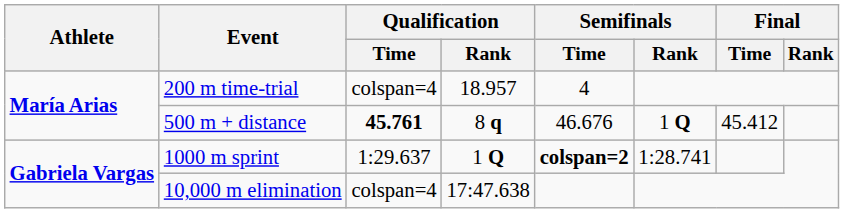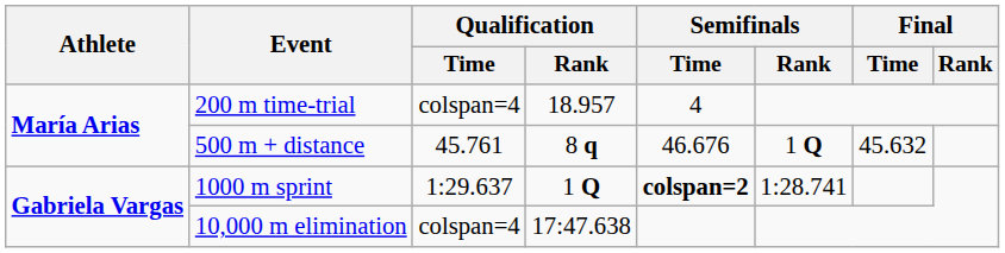 <table class=wikitable style=font-size:90%;text-align:center>
 <tr>
 <th rowspan=2>Athlete</th>
 <th rowspan=2>Event</th>
 <th colspan=2>Qualification</th>
 <th colspan=2>Semifinals</th>
 <th colspan=2>Final</th>
 </tr>
 <tr style=font-size:95%>
 <th>Time</th>
 <th>Rank</th>
 <th>Time</th>
 <th>Rank</th>
 <th>Time</th>
 <th>Rank</th>
 </tr>
 <tr align=center>
 <td align=left rowspan=2><strong><a href='#'>María Arias</a></strong></td>
 <td align=left><a href='#'>200 m time-trial</a></td>
 <td>colspan=4 </td>
 <td>18.957</td>
 <td>4</td>
 </tr>
 <tr align=center>
 <td align=left><a href='#'>500 m + distance</a></td>
-<td><strong>45.761</strong></td>
+<td>45.761</td>
 <td>8 <strong>q</strong></td>
 <td>46.676</td>
 <td>1 <strong>Q</strong></td>
-<td>45.412</td>
+<td>45.632</td>
 <td></td>
 </tr>
 <tr align=center>
 <td align=left rowspan=2><strong><a href='#'>Gabriela Vargas</a></strong></td>
 <td align=left><a href='#'>1000 m sprint</a></td>
 <td>1:29.637</td>
 <td>1 <strong>Q</strong></td>
 <td><strong>colspan=2 </strong></td>
 <td>1:28.741</td>
 <td></td>
 </tr>
 <tr align=center>
 <td align=left><a href='#'>10,000 m elimination</a></td>
 <td>colspan=4 </td>
 <td>17:47.638</td>
 <td></td>
 </tr>
 </table>
